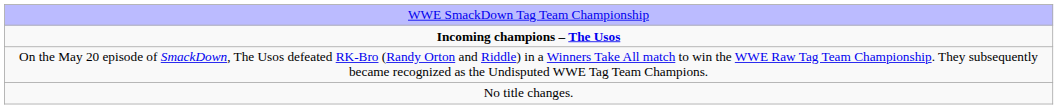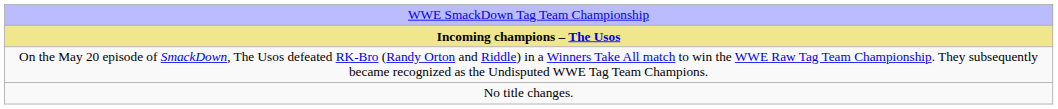 <table class="wikitable" style="text-align:center; width:100%;">
 <tr style="background:#BBF;">
 <td style="text-align: center;"><a href='#'>WWE SmackDown Tag Team Championship</a></td>
 </tr>
 <tr>
-<td style="text-align: center;"><strong>Incoming champions – <a href='#'>The Usos</a> </strong></td>
+<td style="background: khaki; text-align: center;"><strong>Incoming champions – <a href='#'>The Usos</a> </strong></td>
 </tr>
 <tr>
 <td>On the May 20 episode of <em><a href='#'>SmackDown</a></em>, The Usos defeated <a href='#'>RK-Bro</a> (<a href='#'>Randy Orton</a> and <a href='#'>Riddle</a>) in a <a href='#'>Winners Take All match</a> to win the <a href='#'>WWE Raw Tag Team Championship</a>. They subsequently became recognized as the Undisputed WWE Tag Team Champions.</td>
 </tr>
 <tr>
 <td>No title changes.</td>
 </tr>
 </table>
